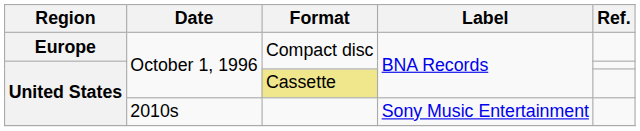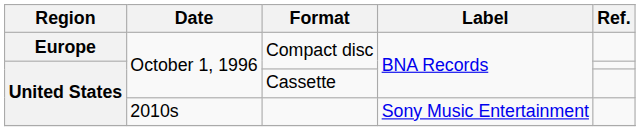 <table class="wikitable plainrowheaders">
 <tr>
 <th scope="col">Region</th>
 <th scope="col">Date</th>
 <th scope="col">Format</th>
 <th scope="col">Label</th>
 <th scope="col">Ref.</th>
 </tr>
 <tr>
 <th scope="row">Europe</th>
 <td rowspan="3">October 1, 1996</td>
 <td rowspan="2">Compact disc</td>
 <td rowspan="3"><a href='#'>BNA Records</a></td>
 <td></td>
 </tr>
 <tr>
 <th scope="row" rowspan="3">United States</th>
 <td></td>
 </tr>
 <tr>
-<td style="background: khaki;">Cassette</td>
+<td>Cassette</td>
 <td></td>
 </tr>
 <tr>
 <td>2010s</td>
 <td></td>
 <td><a href='#'>Sony Music Entertainment</a></td>
 <td></td>
 </tr>
 <tr>
 </tr>
 </table>
